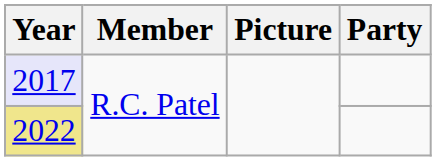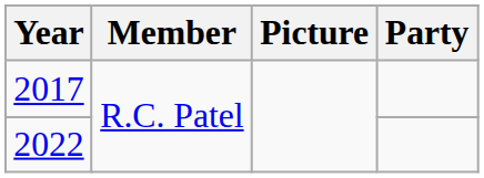 <table class="wikitable sortable">
 <tr>
 <th>Year</th>
 <th>Member</th>
 <th>Picture</th>
 <th colspan="2">Party</th>
 </tr>
 <tr>
-<td style="background: lavender;"><a href='#'>2017</a></td>
+<td><a href='#'>2017</a></td>
 <td rowspan="2"><a href='#'>R.C. Patel</a></td>
 <td rowspan="2"></td>
 <td></td>
 </tr>
 <tr>
-<td style="background: khaki;"><a href='#'>2022</a></td>
+<td><a href='#'>2022</a></td>
 </tr>
 </table>
